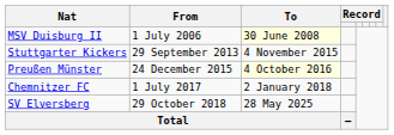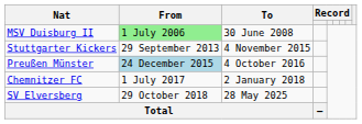 <table class="wikitable" style="text-align: center">
 <tr>
 <th rowspan="2">Nat</th>
 <th rowspan="2">From</th>
 <th rowspan="2">To</th>
 <th colspan="5">Record</th>
 <th rowspan=2></th>
 </tr>
 <tr>
 <th></th>
 <th></th>
 <th></th>
 <th></th>
 <th></th>
 </tr>
 <tr>
 <td align=left><a href='#'>MSV Duisburg II</a></td>
-<td align=left>1 July 2006</td>
-<td align=left style="background: lightyellow;">30 June 2008<br></td>
+<td align=left style="background: lightgreen;">1 July 2006</td>
+<td align=left>30 June 2008<br></td>
 <td></td>
 </tr>
 <tr>
 <td align=left><a href='#'>Stuttgarter Kickers</a></td>
 <td align=left>29 September 2013</td>
 <td align=left>4 November 2015<br></td>
 <td></td>
 </tr>
 <tr>
 <td align=left><a href='#'>Preußen Münster</a></td>
-<td align=left>24 December 2015</td>
-<td align=left style="background: lightyellow;">4 October 2016<br></td>
+<td align=left style="background: lightblue;">24 December 2015</td>
+<td align=left>4 October 2016<br></td>
 <td></td>
 </tr>
 <tr>
 <td align=left><a href='#'>Chemnitzer FC</a></td>
 <td align=left>1 July 2017</td>
 <td align=left>2 January 2018<br></td>
 <td></td>
 </tr>
 <tr>
 <td align=left><a href='#'>SV Elversberg</a></td>
 <td align=left>29 October 2018</td>
 <td align=left>28 May 2025<br></td>
 <td></td>
 </tr>
 <tr>
 <th colspan="3">Total<br></th>
 <th>—</th>
 </tr>
 </table>
